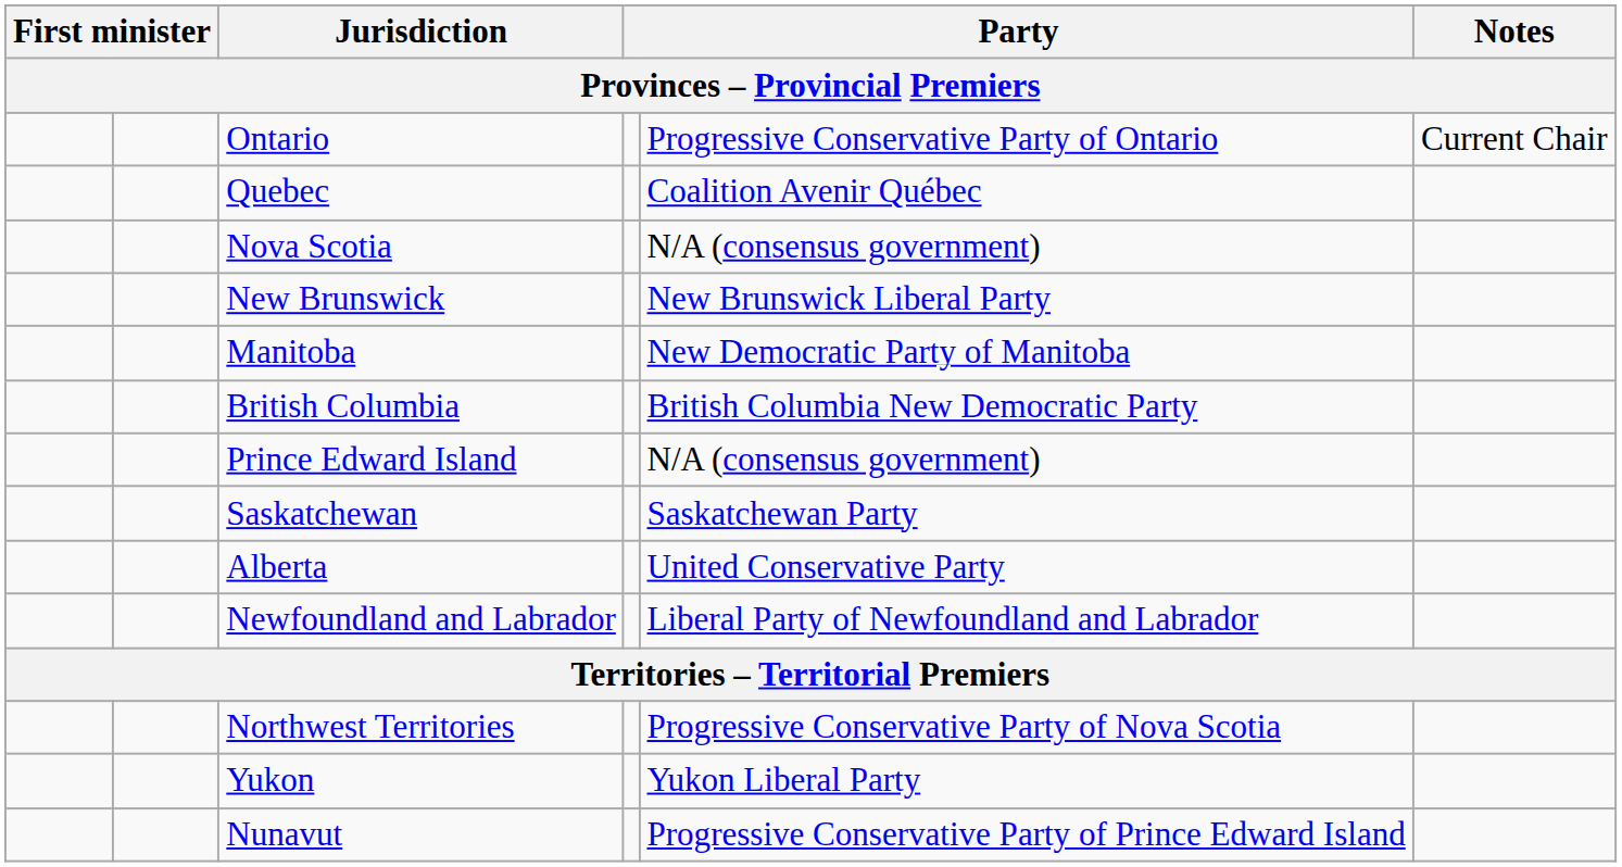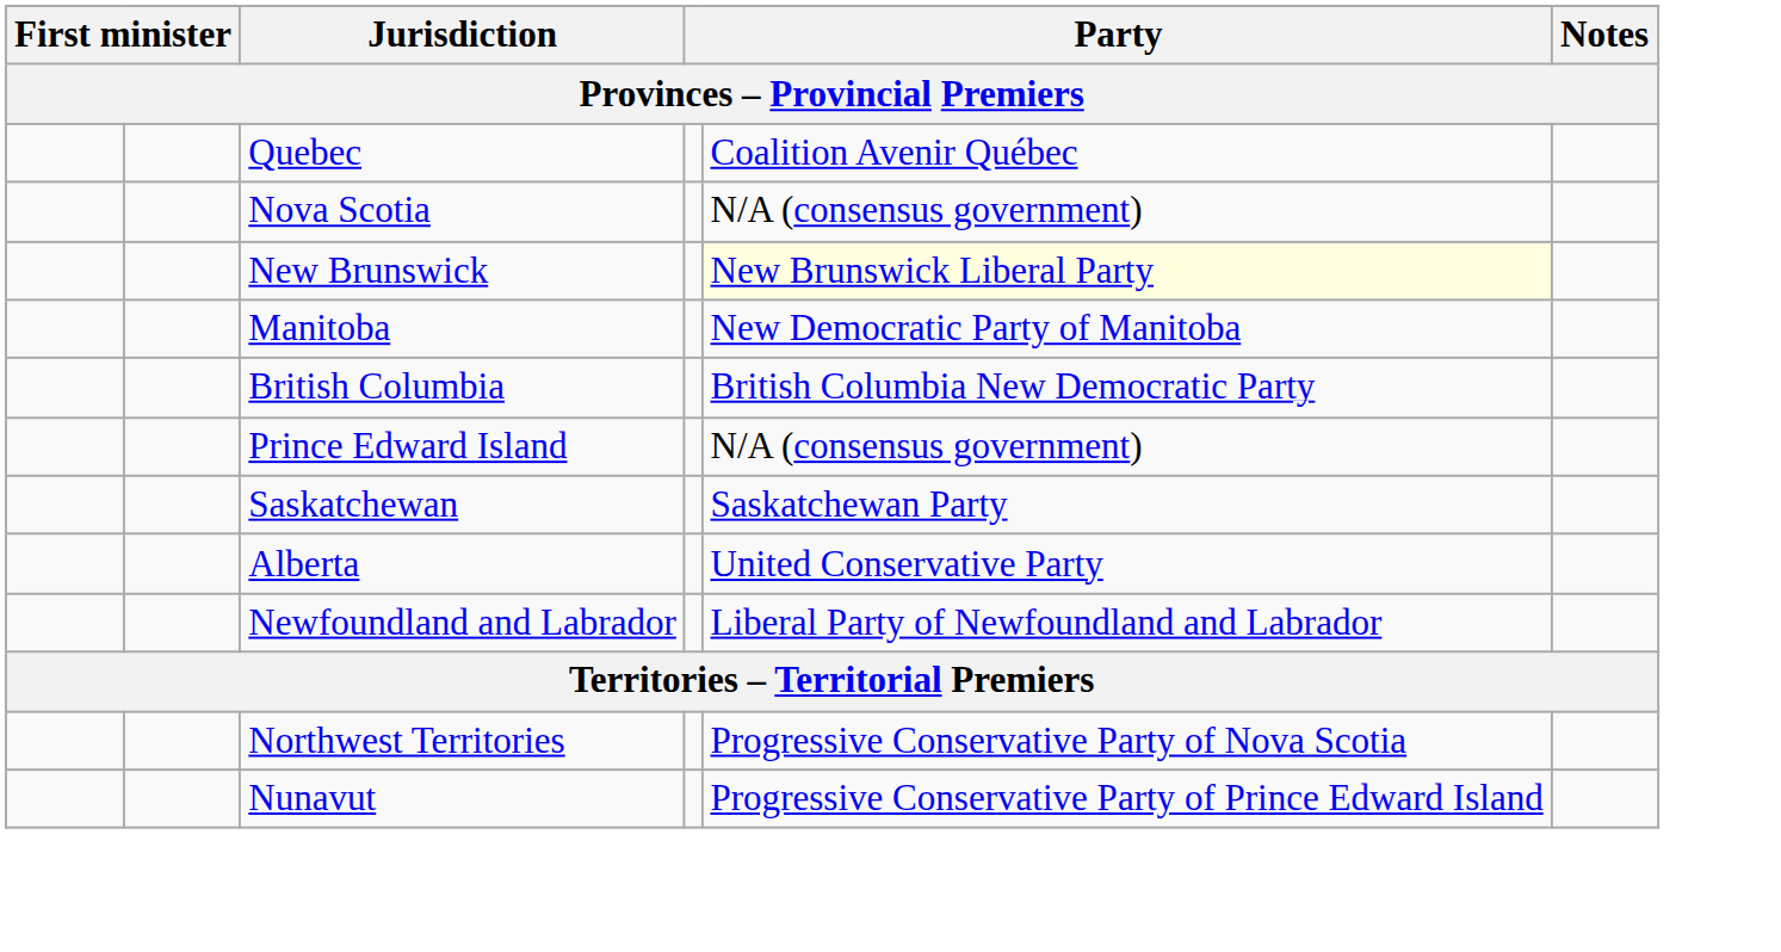 <table class="wikitable sortable">
 <tr>
 <th colspan="2">First minister</th>
 <th>Jurisdiction</th>
 <th colspan=2>Party</th>
 <th>Notes</th>
 </tr>
 <tr class="sortbottom">
 <th colspan="6">Provinces – <a href='#'>Provincial</a> <a href='#'>Premiers</a></th>
-</tr>
-<tr>
-<td></td>
-<td></td>
-<td><a href='#'>Ontario</a></td>
-<td style="background:"></td>
-<td><a href='#'>Progressive Conservative Party of Ontario</a></td>
-<td>Current Chair</td>
 </tr>
 <tr>
 <td></td>
 <td></td>
 <td><a href='#'>Quebec</a></td>
 <td style="background:"></td>
 <td><a href='#'>Coalition Avenir Québec</a></td>
 <td></td>
 </tr>
 <tr>
 <td> </td>
 <td></td>
 <td><a href='#'>Nova Scotia</a></td>
 <td style="background:"></td>
 <td>N/A (<a href='#'>consensus government</a>)</td>
 <td></td>
 </tr>
 <tr>
 <td></td>
 <td></td>
 <td><a href='#'>New Brunswick</a></td>
 <td style="background:"></td>
-<td><a href='#'>New Brunswick Liberal Party</a></td>
+<td style="background: lightyellow;"><a href='#'>New Brunswick Liberal Party</a></td>
 <td></td>
 </tr>
 <tr>
 <td></td>
 <td></td>
 <td><a href='#'>Manitoba</a></td>
 <td style="background:"></td>
 <td><a href='#'>New Democratic Party of Manitoba</a></td>
 <td></td>
 </tr>
 <tr>
 <td></td>
 <td></td>
 <td><a href='#'>British Columbia</a></td>
 <td style="background:"></td>
 <td><a href='#'>British Columbia New Democratic Party</a></td>
 <td></td>
 </tr>
 <tr>
 <td></td>
 <td></td>
 <td><a href='#'>Prince Edward Island</a></td>
 <td style="background:"></td>
 <td>N/A (<a href='#'>consensus government</a>)</td>
 <td></td>
 </tr>
 <tr>
 <td></td>
 <td></td>
 <td><a href='#'>Saskatchewan</a></td>
 <td style="background:"></td>
 <td><a href='#'>Saskatchewan Party</a></td>
 <td></td>
 </tr>
 <tr>
 <td></td>
 <td></td>
 <td><a href='#'>Alberta</a></td>
 <td style="background:"></td>
 <td><a href='#'>United Conservative Party</a></td>
 <td></td>
 </tr>
 <tr>
 <td></td>
 <td></td>
 <td><a href='#'>Newfoundland and Labrador</a></td>
 <td style="background:"></td>
 <td><a href='#'>Liberal Party of Newfoundland and Labrador</a></td>
 <td></td>
 </tr>
 <tr class="sortbottom">
 <th colspan="6">Territories – <a href='#'>Territorial</a> Premiers</th>
 </tr>
 <tr>
 <td></td>
 <td></td>
 <td><a href='#'>Northwest Territories</a></td>
 <td style="background:"></td>
 <td><a href='#'>Progressive Conservative Party of Nova Scotia</a></td>
 <td></td>
 </tr>
 <tr>
 <td></td>
 <td></td>
-<td><a href='#'>Yukon</a></td>
-<td style="background:"></td>
-<td><a href='#'>Yukon Liberal Party</a></td>
-<td></td>
-</tr>
-<tr>
-<td></td>
-<td></td>
 <td><a href='#'>Nunavut</a></td>
 <td style="background:"></td>
 <td><a href='#'>Progressive Conservative Party of Prince Edward Island</a></td>
 <td></td>
 </tr>
 </table>
